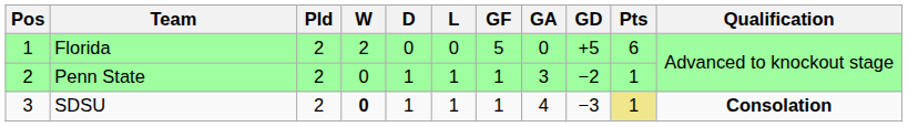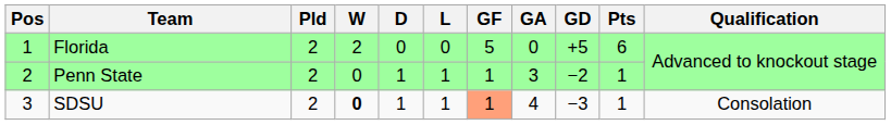 <table class="wikitable" style="text-align:center; margin: 1em auto">
 <tr>
 <th style="width:2em">Pos</th>
 <th style="width:13em">Team</th>
 <th style="width:2em">Pld</th>
 <th style="width:2em">W</th>
 <th style="width:2em">D</th>
 <th style="width:2em">L</th>
 <th style="width:2em">GF</th>
 <th style="width:2em">GA</th>
 <th style="width:2em">GD</th>
 <th style="width:2em">Pts</th>
 <th style="width:13em">Qualification</th>
 </tr>
 <tr bgcolor="#9eff9e">
 <td>1</td>
 <td style="text-align:left">Florida</td>
 <td>2</td>
 <td>2</td>
 <td>0</td>
 <td>0</td>
 <td>5</td>
 <td>0</td>
 <td>+5</td>
 <td>6</td>
 <td rowspan="2">Advanced to knockout stage</td>
 </tr>
 <tr bgcolor="#9eff9e">
 <td>2</td>
 <td style="text-align:left">Penn State</td>
 <td>2</td>
 <td>0</td>
 <td>1</td>
 <td>1</td>
 <td>1</td>
 <td>3</td>
 <td>−2</td>
 <td>1</td>
 </tr>
 <tr>
 <td>3</td>
 <td style="text-align:left">SDSU</td>
 <td>2</td>
 <td><strong>0</strong></td>
 <td>1</td>
 <td>1</td>
-<td>1</td>
+<td style="background: lightsalmon;">1</td>
 <td>4</td>
 <td>−3</td>
-<td style="background: khaki;">1</td>
-<td><strong>Consolation</strong></td>
+<td>1</td>
+<td>Consolation</td>
 </tr>
 </table>
